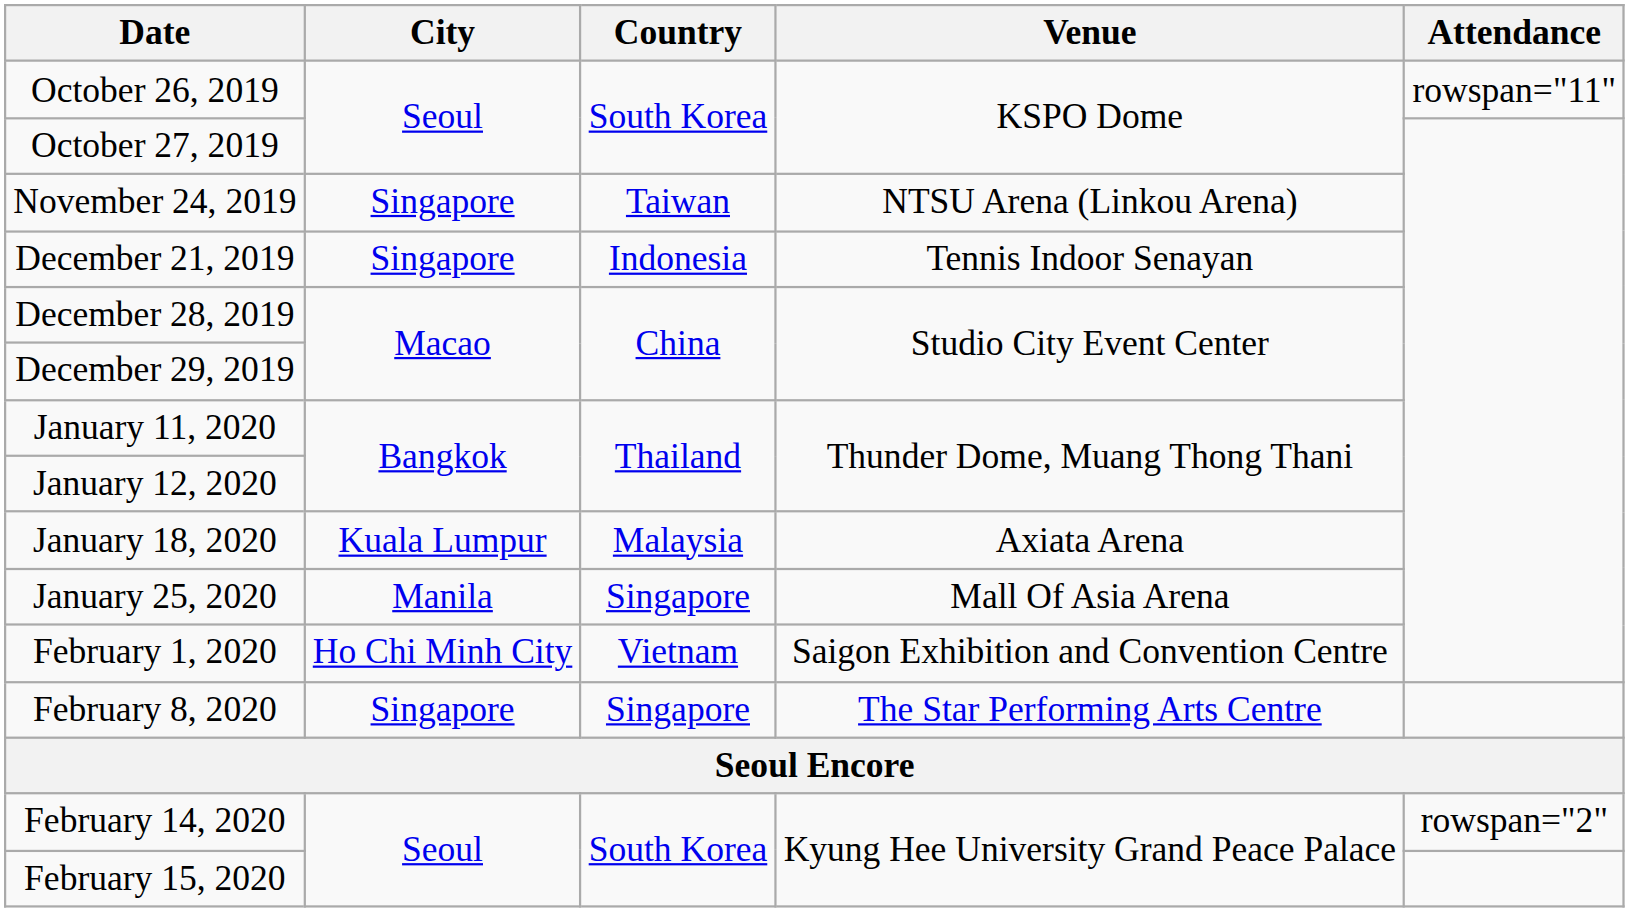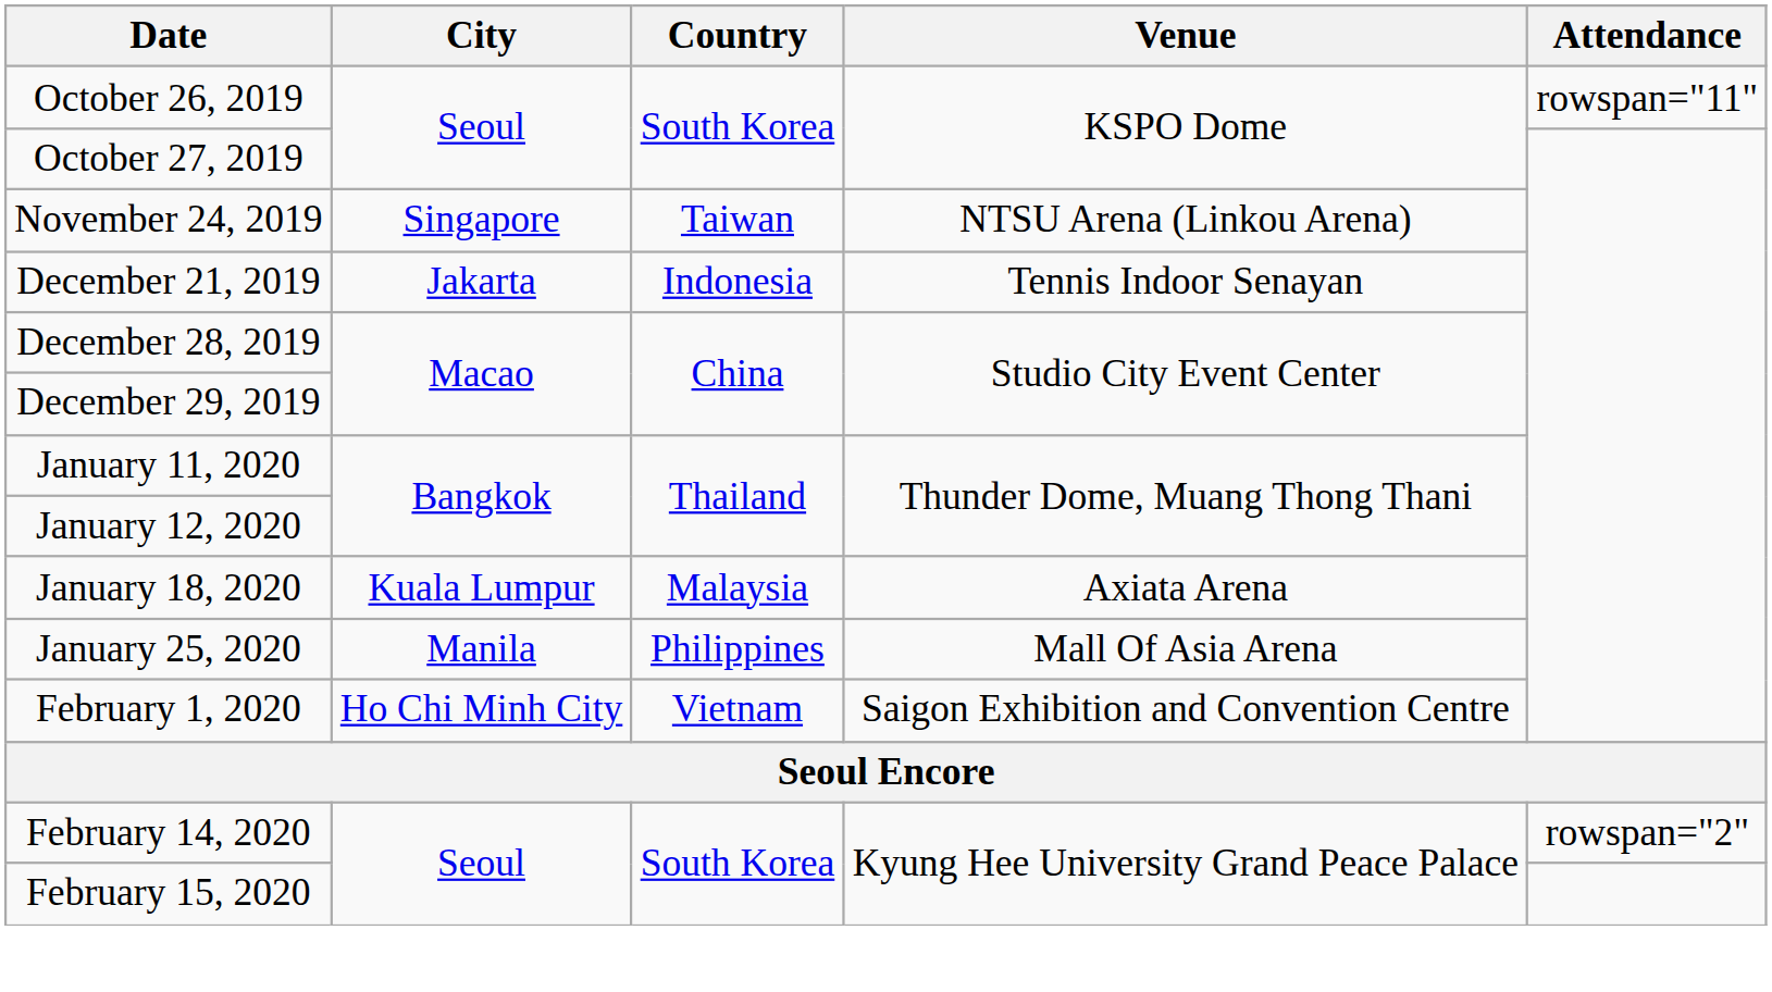 <table class="wikitable" style="text-align:center;">
 <tr>
 <th>Date</th>
 <th>City</th>
 <th>Country</th>
 <th>Venue</th>
 <th>Attendance</th>
 </tr>
 <tr>
 <td>October 26, 2019</td>
 <td rowspan=2><a href='#'>Seoul</a></td>
 <td rowspan=2><a href='#'>South Korea</a></td>
 <td rowspan="2">KSPO Dome</td>
 <td>rowspan="11" </td>
 </tr>
 <tr>
 <td>October 27, 2019</td>
 </tr>
 <tr>
 <td>November 24, 2019</td>
 <td><a href='#'>Singapore</a></td>
 <td><a href='#'>Taiwan</a></td>
 <td>NTSU Arena (Linkou Arena)</td>
 </tr>
 <tr>
 <td>December 21, 2019</td>
-<td><a href='#'>Singapore</a></td>
+<td><a href='#'>Jakarta</a></td>
 <td><a href='#'>Indonesia</a></td>
 <td>Tennis Indoor Senayan</td>
 </tr>
 <tr>
 <td>December 28, 2019</td>
 <td rowspan=2><a href='#'>Macao</a></td>
 <td rowspan=2><a href='#'>China</a></td>
 <td rowspan="2">Studio City Event Center</td>
 </tr>
 <tr>
 <td>December 29, 2019</td>
 </tr>
 <tr>
 <td>January 11, 2020</td>
 <td rowspan=2><a href='#'>Bangkok</a></td>
 <td rowspan=2><a href='#'>Thailand</a></td>
 <td rowspan="2">Thunder Dome, Muang Thong Thani</td>
 </tr>
 <tr>
 <td>January 12, 2020</td>
 </tr>
 <tr>
 <td>January 18, 2020</td>
 <td><a href='#'>Kuala Lumpur</a></td>
 <td><a href='#'>Malaysia</a></td>
 <td>Axiata Arena</td>
 </tr>
 <tr>
 <td>January 25, 2020</td>
 <td><a href='#'>Manila</a></td>
-<td><a href='#'>Singapore</a></td>
+<td><a href='#'>Philippines</a></td>
 <td>Mall Of Asia Arena</td>
 </tr>
 <tr>
 <td>February 1, 2020</td>
 <td><a href='#'>Ho Chi Minh City</a></td>
 <td><a href='#'>Vietnam</a></td>
 <td>Saigon Exhibition and Convention Centre</td>
-</tr>
-<tr>
-<td>February 8, 2020</td>
-<td><a href='#'>Singapore</a></td>
-<td><a href='#'>Singapore</a></td>
-<td><a href='#'>The Star Performing Arts Centre</a></td>
-<td></td>
 </tr>
 <tr>
 <th colspan="5">Seoul Encore</th>
 </tr>
 <tr>
 <td>February 14, 2020</td>
 <td rowspan=2><a href='#'>Seoul</a></td>
 <td rowspan=2><a href='#'>South Korea</a></td>
 <td rowspan="2">Kyung Hee University Grand Peace Palace</td>
 <td>rowspan="2" </td>
 </tr>
 <tr>
 <td>February 15, 2020</td>
 </tr>
 </table>
